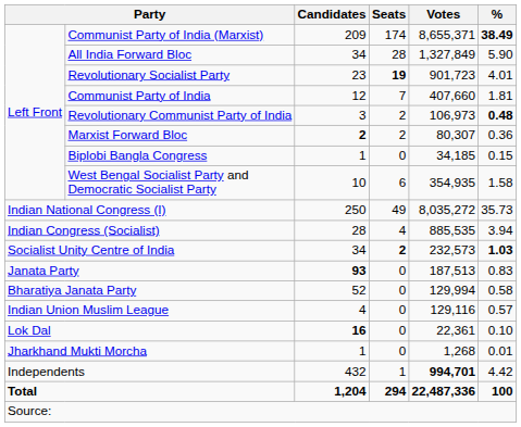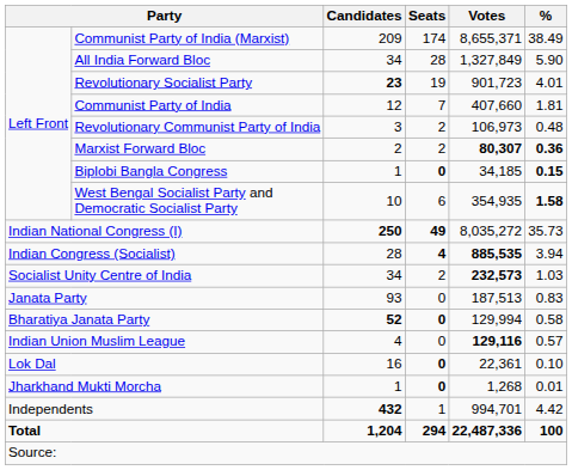 <table class=wikitable style=text-align:right>
 <tr>
 <th colspan=2>Party</th>
 <th>Candidates</th>
 <th>Seats</th>
 <th>Votes</th>
 <th>%</th>
 </tr>
 <tr>
 <td rowspan=8 align=left><a href='#'>Left Front</a></td>
 <td align=left><a href='#'>Communist Party of India (Marxist)</a></td>
 <td>209</td>
 <td>174</td>
 <td>8,655,371</td>
-<td><strong>38.49</strong></td>
+<td>38.49</td>
 </tr>
 <tr>
 <td align=left><a href='#'>All India Forward Bloc</a></td>
 <td>34</td>
 <td>28</td>
 <td>1,327,849</td>
 <td>5.90</td>
 </tr>
 <tr>
 <td align=left><a href='#'>Revolutionary Socialist Party</a></td>
-<td>23</td>
-<td><strong>19</strong></td>
+<td><strong>23</strong></td>
+<td>19</td>
 <td>901,723</td>
 <td>4.01</td>
 </tr>
 <tr>
 <td align=left><a href='#'>Communist Party of India</a></td>
 <td>12</td>
 <td>7</td>
 <td>407,660</td>
 <td>1.81</td>
 </tr>
 <tr>
 <td align=left><a href='#'>Revolutionary Communist Party of India</a></td>
 <td>3</td>
 <td>2</td>
 <td>106,973</td>
-<td><strong>0.48</strong></td>
+<td>0.48</td>
 </tr>
 <tr>
 <td align=left><a href='#'>Marxist Forward Bloc</a></td>
-<td><strong>2</strong></td>
 <td>2</td>
-<td>80,307</td>
-<td>0.36</td>
+<td>2</td>
+<td><strong>80,307</strong></td>
+<td><strong>0.36</strong></td>
 </tr>
 <tr>
 <td align=left><a href='#'>Biplobi Bangla Congress</a></td>
 <td>1</td>
-<td>0</td>
+<td><strong>0</strong></td>
 <td>34,185</td>
-<td>0.15</td>
+<td><strong>0.15</strong></td>
 </tr>
 <tr>
 <td align=left><a href='#'>West Bengal Socialist Party</a> and<br><a href='#'>Democratic Socialist Party</a></td>
 <td>10</td>
 <td>6</td>
 <td>354,935</td>
-<td>1.58</td>
+<td><strong>1.58</strong></td>
 </tr>
 <tr>
 <td colspan=2 align=left><a href='#'>Indian National Congress (I)</a></td>
-<td>250</td>
-<td>49</td>
+<td><strong>250</strong></td>
+<td><strong>49</strong></td>
 <td>8,035,272</td>
 <td>35.73</td>
 </tr>
 <tr>
 <td colspan=2 align=left><a href='#'>Indian Congress (Socialist)</a></td>
 <td>28</td>
-<td>4</td>
-<td>885,535</td>
+<td><strong>4</strong></td>
+<td><strong>885,535</strong></td>
 <td>3.94</td>
 </tr>
 <tr>
 <td colspan=2 align=left><a href='#'>Socialist Unity Centre of India</a></td>
 <td>34</td>
-<td><strong>2</strong></td>
-<td>232,573</td>
-<td><strong>1.03</strong></td>
+<td>2</td>
+<td><strong>232,573</strong></td>
+<td>1.03</td>
 </tr>
 <tr>
 <td colspan=2 align=left><a href='#'>Janata Party</a></td>
-<td><strong>93</strong></td>
+<td>93</td>
 <td>0</td>
 <td>187,513</td>
 <td>0.83</td>
 </tr>
 <tr>
 <td colspan=2 align=left><a href='#'>Bharatiya Janata Party</a></td>
-<td>52</td>
-<td>0</td>
+<td><strong>52</strong></td>
+<td><strong>0</strong></td>
 <td>129,994</td>
 <td>0.58</td>
 </tr>
 <tr>
 <td colspan=2 align=left><a href='#'>Indian Union Muslim League</a></td>
 <td>4</td>
 <td>0</td>
-<td>129,116</td>
+<td><strong>129,116</strong></td>
 <td>0.57</td>
 </tr>
 <tr>
 <td colspan=2 align=left><a href='#'>Lok Dal</a></td>
-<td><strong>16</strong></td>
-<td>0</td>
+<td>16</td>
+<td><strong>0</strong></td>
 <td>22,361</td>
 <td>0.10</td>
 </tr>
 <tr>
 <td colspan=2 align=left><a href='#'>Jharkhand Mukti Morcha</a></td>
 <td>1</td>
-<td>0</td>
+<td><strong>0</strong></td>
 <td>1,268</td>
 <td>0.01</td>
 </tr>
 <tr>
 <td colspan=2 align=left>Independents</td>
-<td>432</td>
+<td><strong>432</strong></td>
 <td>1</td>
-<td><strong>994,701</strong></td>
+<td>994,701</td>
 <td>4.42</td>
 </tr>
 <tr>
 <td colspan=2 align=left><strong>Total</strong></td>
 <td><strong>1,204</strong></td>
 <td><strong>294</strong></td>
 <td><strong>22,487,336</strong></td>
 <td><strong>100</strong></td>
 </tr>
 <tr>
 <td align=left colspan=6>Source:  </td>
 </tr>
 </table>
